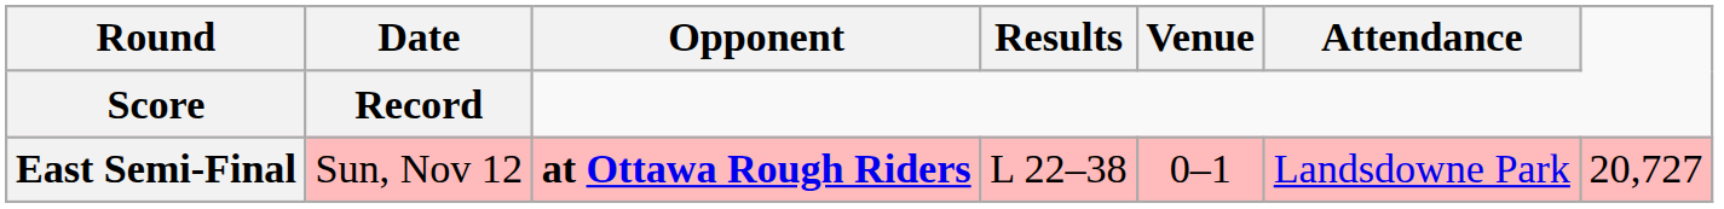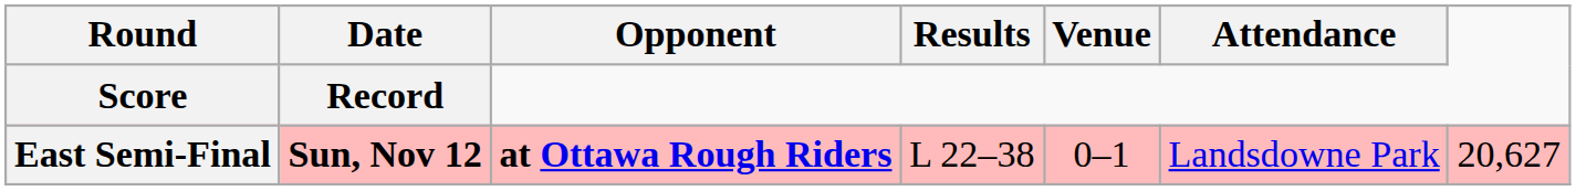 <table class="wikitable" style="text-align:center">
 <tr>
 <th>Round</th>
 <th>Date</th>
 <th>Opponent</th>
 <th>Results</th>
 <th>Venue</th>
 <th>Attendance</th>
 </tr>
 <tr>
 <th>Score</th>
 <th>Record</th>
 </tr>
 <tr style="background:#ffbbbb">
 <th>East Semi-Final</th>
-<td>Sun, Nov 12</td>
+<td><strong>Sun, Nov 12</strong></td>
 <td><strong>at <a href='#'>Ottawa Rough Riders</a></strong></td>
 <td>L 22–38</td>
 <td>0–1</td>
 <td><a href='#'>Landsdowne Park</a></td>
-<td>20,727</td>
+<td>20,627</td>
 </tr>
 </table>
